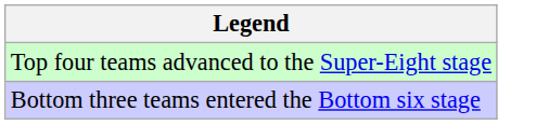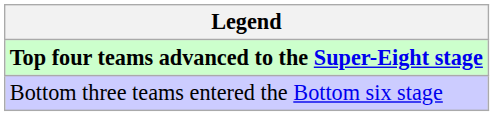 <table class="wikitable">
 <tr>
 <th>Legend</th>
 </tr>
 <tr style="background:#ccffcc;">
-<td>Top four teams advanced to the <a href='#'>Super-Eight stage</a></td>
+<td><strong>Top four teams advanced to the <a href='#'>Super-Eight stage</a></strong></td>
 </tr>
 <tr style="background:#ccccff;">
 <td>Bottom three teams entered the <a href='#'>Bottom six stage</a></td>
 </tr>
 </table>
